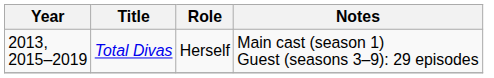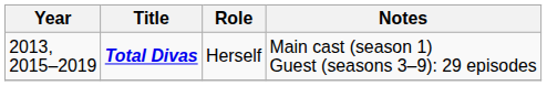 <table class="wikitable sortable">
 <tr>
 <th>Year</th>
 <th>Title</th>
 <th>Role</th>
 <th class="unsortable">Notes</th>
 </tr>
 <tr>
 <td>2013,<br>2015–2019</td>
-<td><em><a href='#'>Total Divas</a></em></td>
+<td><strong><em><a href='#'>Total Divas</a></em></strong></td>
 <td>Herself</td>
 <td>Main cast (season 1) <br> Guest (seasons 3–9): 29 episodes</td>
 </tr>
 <tr>
 </tr>
 </table>
